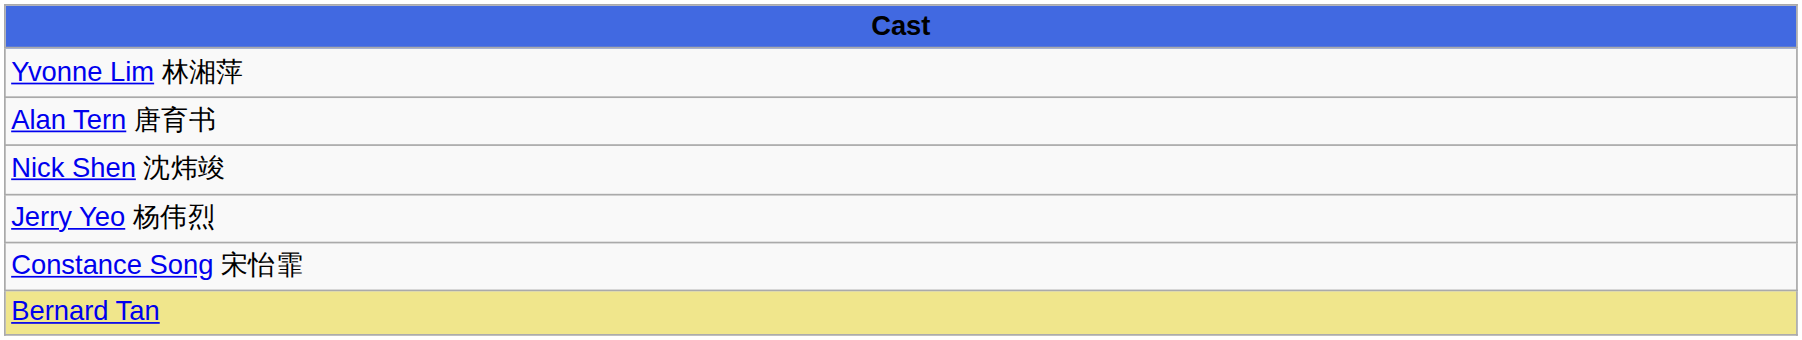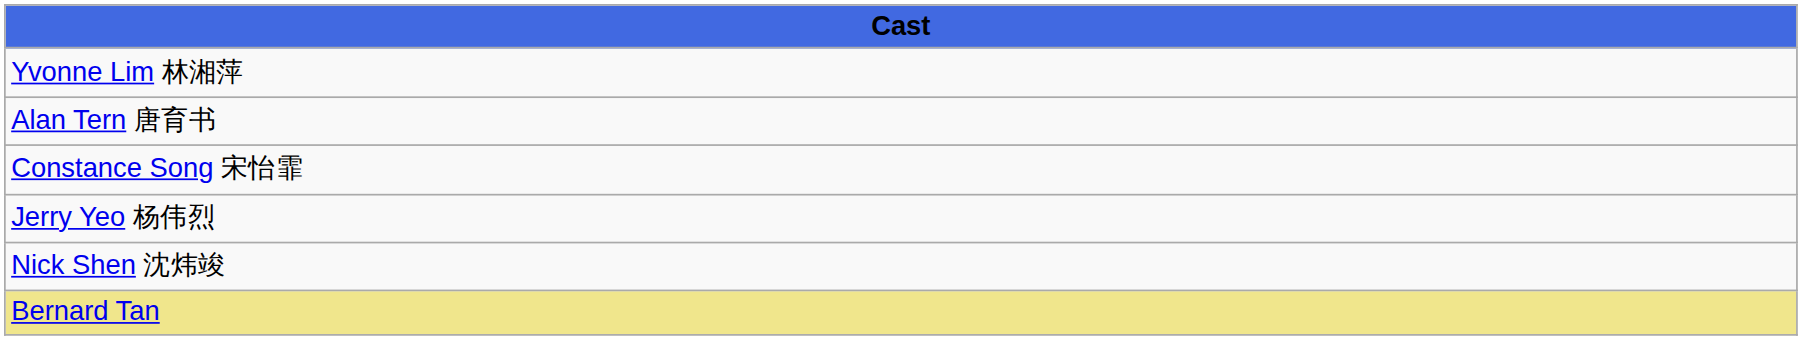 <table class="wikitable">
 <tr>
 <th style="background:RoyalBlue; width:17%">Cast</th>
 </tr>
 <tr>
 <td><a href='#'>Yvonne Lim</a> 林湘萍</td>
 </tr>
 <tr>
 <td><a href='#'>Alan Tern</a> 唐育书</td>
 </tr>
 <tr>
-<td><a href='#'>Nick Shen</a> 沈炜竣</td>
+<td><a href='#'>Constance Song</a> 宋怡霏</td>
 </tr>
 <tr>
 <td><a href='#'>Jerry Yeo</a> 杨伟烈</td>
 </tr>
 <tr>
-<td><a href='#'>Constance Song</a> 宋怡霏</td>
+<td><a href='#'>Nick Shen</a> 沈炜竣</td>
 </tr>
 <tr>
 <td style="background: khaki;"><a href='#'>Bernard Tan</a></td>
 </tr>
 </table>
